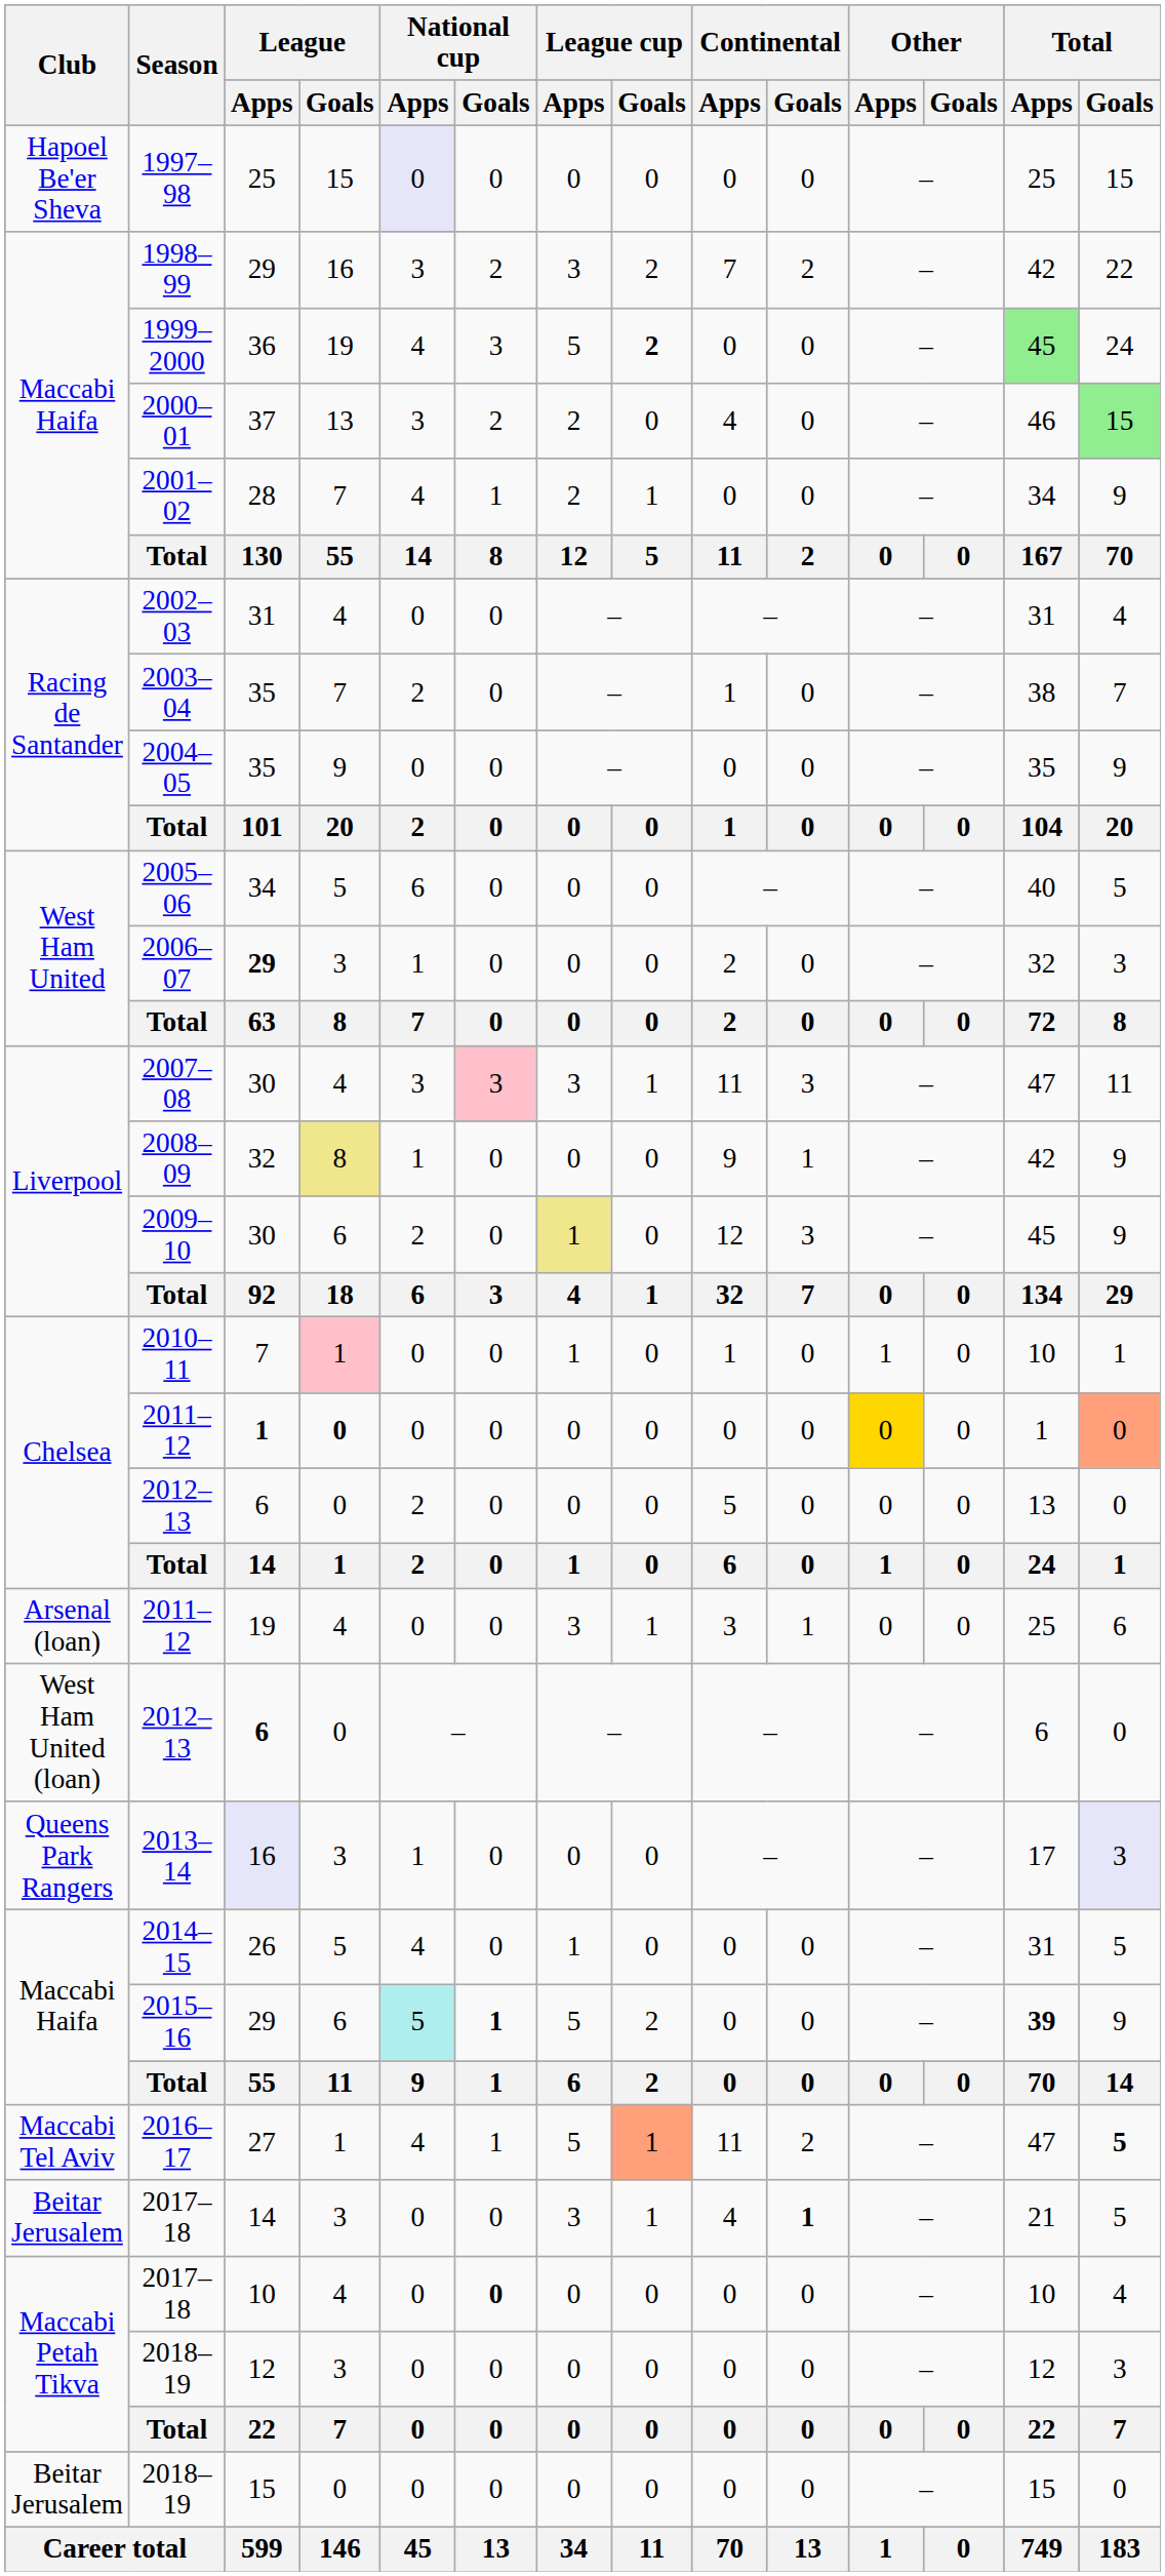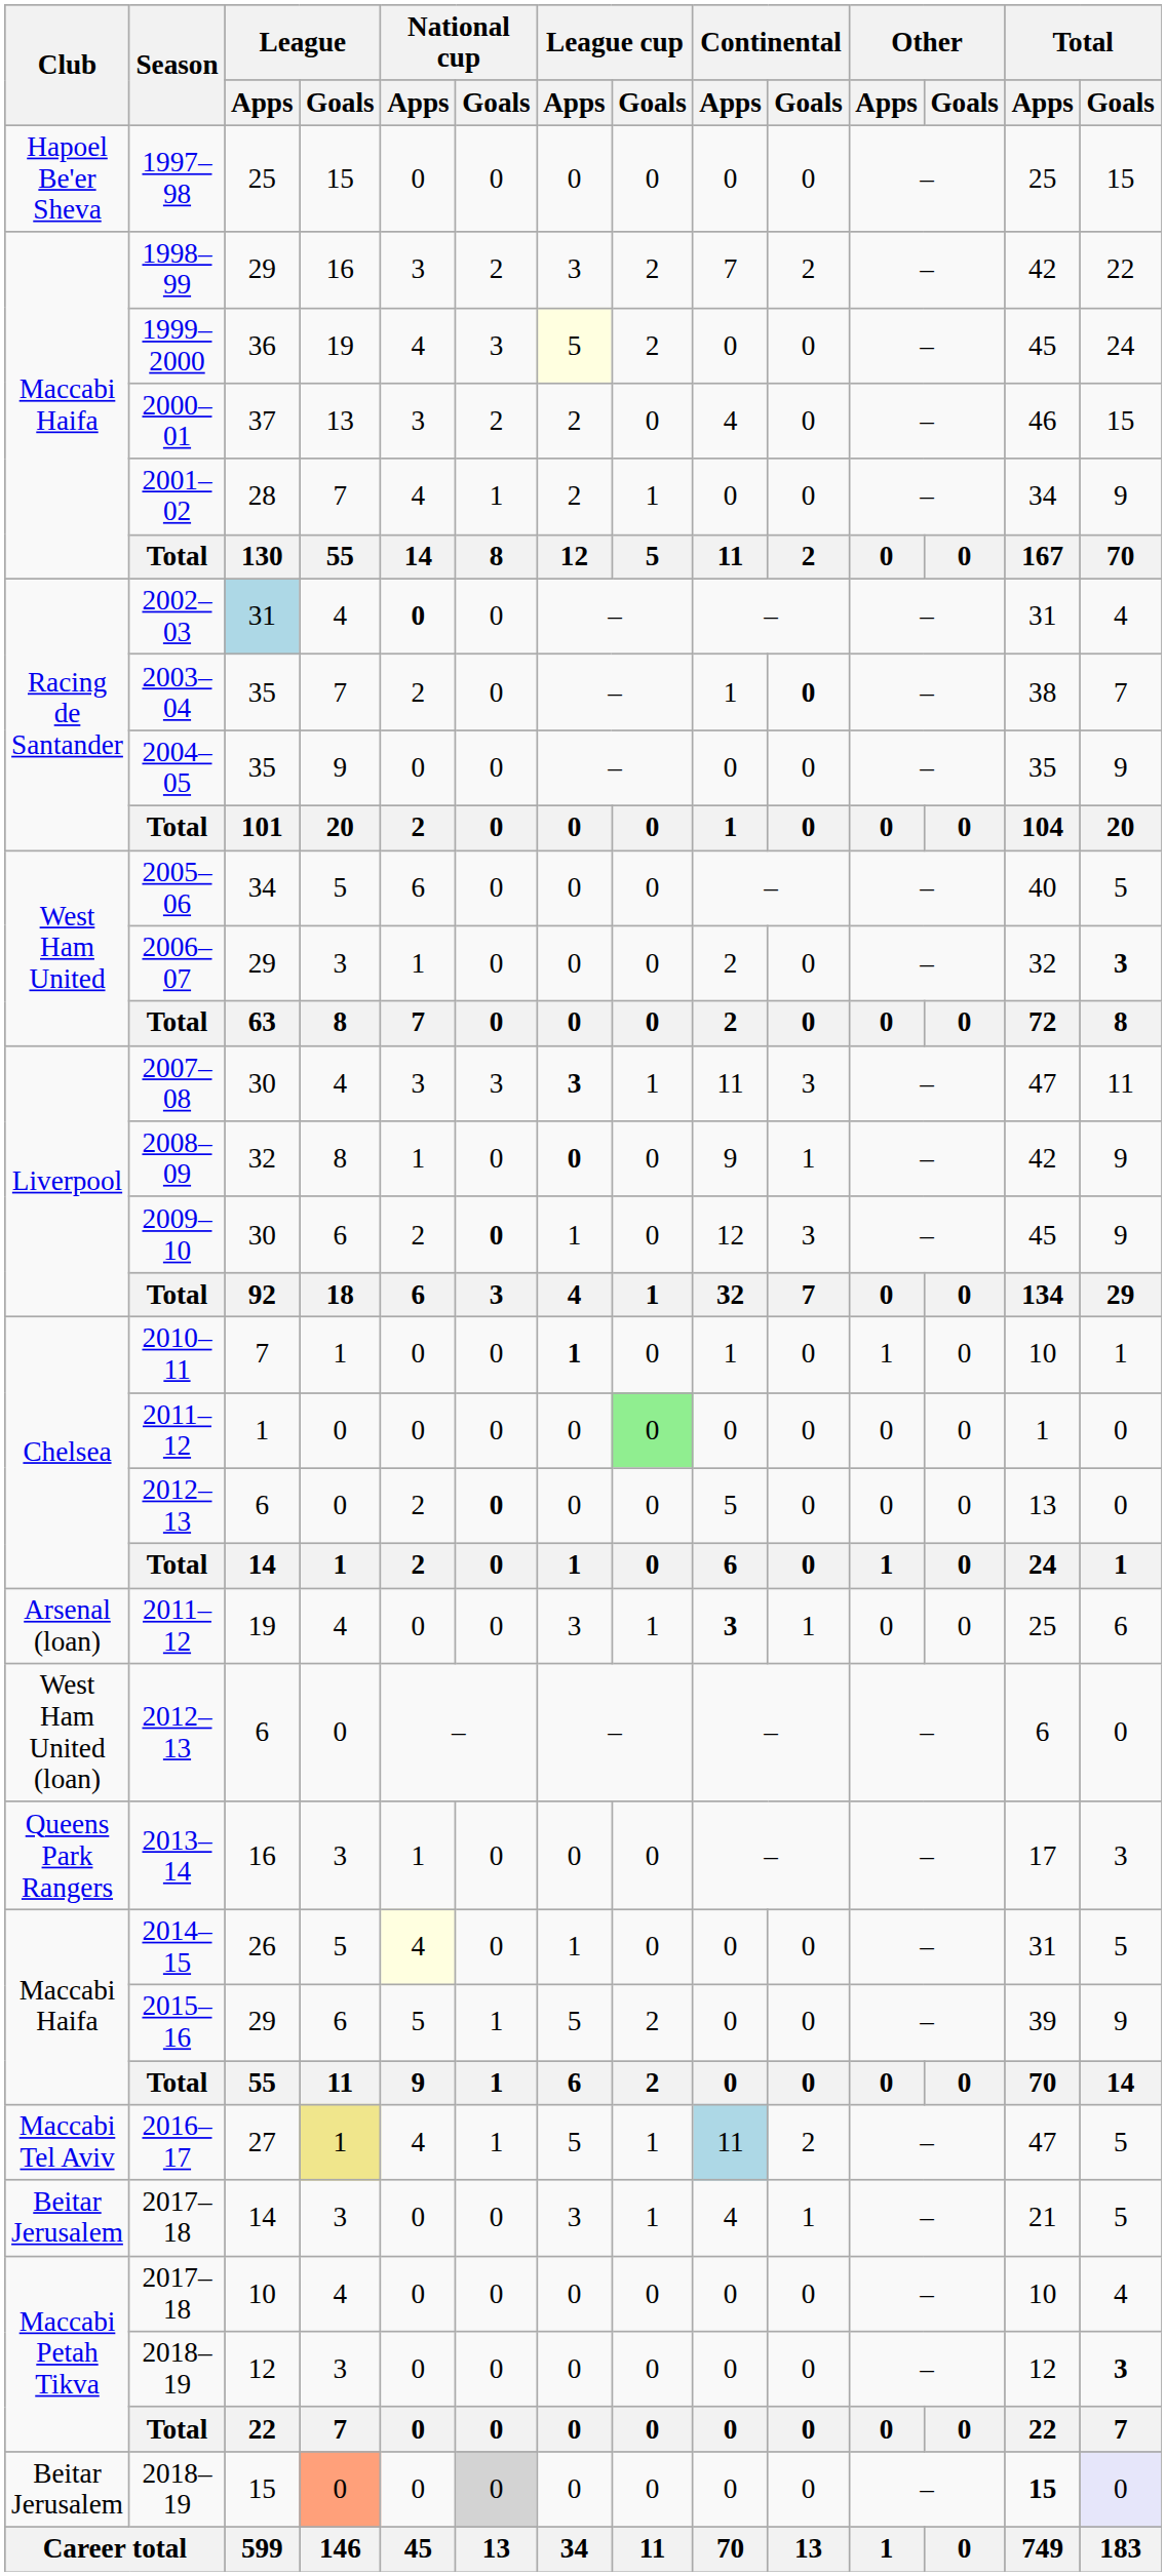 <table class="wikitable" style="text-align:center">
 <tr>
 <th rowspan="2">Club</th>
 <th rowspan="2">Season</th>
 <th colspan="2">League</th>
 <th colspan="2">National cup</th>
 <th colspan="2">League cup</th>
 <th colspan="2">Continental</th>
 <th colspan="2">Other</th>
 <th colspan="2">Total</th>
 </tr>
 <tr>
 <th>Apps</th>
 <th>Goals</th>
 <th>Apps</th>
 <th>Goals</th>
 <th>Apps</th>
 <th>Goals</th>
 <th>Apps</th>
 <th>Goals</th>
 <th>Apps</th>
 <th>Goals</th>
 <th>Apps</th>
 <th>Goals</th>
 </tr>
 <tr>
 <td><a href='#'>Hapoel Be'er Sheva</a></td>
 <td><a href='#'>1997–98</a></td>
 <td>25</td>
 <td>15</td>
-<td style="background: lavender;">0</td>
+<td>0</td>
 <td>0</td>
 <td>0</td>
 <td>0</td>
 <td>0</td>
 <td>0</td>
 <td colspan="2">–</td>
 <td>25</td>
 <td>15</td>
 </tr>
 <tr>
 <td rowspan="5"><a href='#'>Maccabi Haifa</a></td>
 <td><a href='#'>1998–99</a></td>
 <td>29</td>
 <td>16</td>
 <td>3</td>
 <td>2</td>
 <td>3</td>
 <td>2</td>
 <td>7</td>
 <td>2</td>
 <td colspan="2">–</td>
 <td>42</td>
 <td>22</td>
 </tr>
 <tr>
 <td><a href='#'>1999–2000</a></td>
 <td>36</td>
 <td>19</td>
 <td>4</td>
 <td>3</td>
-<td>5</td>
-<td><strong>2</strong></td>
+<td style="background: lightyellow;">5</td>
+<td>2</td>
 <td>0</td>
 <td>0</td>
 <td colspan="2">–</td>
-<td style="background: lightgreen;">45</td>
+<td>45</td>
 <td>24</td>
 </tr>
 <tr>
 <td><a href='#'>2000–01</a></td>
 <td>37</td>
 <td>13</td>
 <td>3</td>
 <td>2</td>
 <td>2</td>
 <td>0</td>
 <td>4</td>
 <td>0</td>
 <td colspan="2">–</td>
 <td>46</td>
-<td style="background: lightgreen;">15</td>
+<td>15</td>
 </tr>
 <tr>
 <td><a href='#'>2001–02</a></td>
 <td>28</td>
 <td>7</td>
 <td>4</td>
 <td>1</td>
 <td>2</td>
 <td>1</td>
 <td>0</td>
 <td>0</td>
 <td colspan="2">–</td>
 <td>34</td>
 <td>9</td>
 </tr>
 <tr>
 <th>Total</th>
 <th>130</th>
 <th>55</th>
 <th>14</th>
 <th>8</th>
 <th>12</th>
 <th>5</th>
 <th>11</th>
 <th>2</th>
 <th>0</th>
 <th>0</th>
 <th>167</th>
 <th>70</th>
 </tr>
 <tr>
 <td rowspan="4"><a href='#'>Racing de Santander</a></td>
 <td><a href='#'>2002–03</a></td>
-<td>31</td>
+<td style="background: lightblue;">31</td>
 <td>4</td>
-<td>0</td>
+<td><strong>0</strong></td>
 <td>0</td>
 <td colspan="2">–</td>
 <td colspan="2">–</td>
 <td colspan="2">–</td>
 <td>31</td>
 <td>4</td>
 </tr>
 <tr>
 <td><a href='#'>2003–04</a></td>
 <td>35</td>
 <td>7</td>
 <td>2</td>
 <td>0</td>
 <td colspan="2">–</td>
 <td>1</td>
-<td>0</td>
+<td><strong>0</strong></td>
 <td colspan="2">–</td>
 <td>38</td>
 <td>7</td>
 </tr>
 <tr>
 <td><a href='#'>2004–05</a></td>
 <td>35</td>
 <td>9</td>
 <td>0</td>
 <td>0</td>
 <td colspan="2">–</td>
 <td>0</td>
 <td>0</td>
 <td colspan="2">–</td>
 <td>35</td>
 <td>9</td>
 </tr>
 <tr>
 <th>Total</th>
 <th>101</th>
 <th>20</th>
 <th>2</th>
 <th>0</th>
 <th>0</th>
 <th>0</th>
 <th>1</th>
 <th>0</th>
 <th>0</th>
 <th>0</th>
 <th>104</th>
 <th>20</th>
 </tr>
 <tr>
 <td rowspan="3"><a href='#'>West Ham United</a></td>
 <td><a href='#'>2005–06</a></td>
 <td>34</td>
 <td>5</td>
 <td>6</td>
 <td>0</td>
 <td>0</td>
 <td>0</td>
 <td colspan="2">–</td>
 <td colspan="2">–</td>
 <td>40</td>
 <td>5</td>
 </tr>
 <tr>
 <td><a href='#'>2006–07</a></td>
-<td><strong>29</strong></td>
+<td>29</td>
 <td>3</td>
 <td>1</td>
 <td>0</td>
 <td>0</td>
 <td>0</td>
 <td>2</td>
 <td>0</td>
 <td colspan="2">–</td>
 <td>32</td>
-<td>3</td>
+<td><strong>3</strong></td>
 </tr>
 <tr>
 <th>Total</th>
 <th>63</th>
 <th>8</th>
 <th>7</th>
 <th>0</th>
 <th>0</th>
 <th>0</th>
 <th>2</th>
 <th>0</th>
 <th>0</th>
 <th>0</th>
 <th>72</th>
 <th>8</th>
 </tr>
 <tr>
 <td rowspan="4"><a href='#'>Liverpool</a></td>
 <td><a href='#'>2007–08</a></td>
 <td>30</td>
 <td>4</td>
 <td>3</td>
-<td style="background: pink;">3</td>
 <td>3</td>
+<td><strong>3</strong></td>
 <td>1</td>
 <td>11</td>
 <td>3</td>
 <td colspan="2">–</td>
 <td>47</td>
 <td>11</td>
 </tr>
 <tr>
 <td><a href='#'>2008–09</a></td>
 <td>32</td>
-<td style="background: khaki;">8</td>
+<td>8</td>
 <td>1</td>
 <td>0</td>
-<td>0</td>
+<td><strong>0</strong></td>
 <td>0</td>
 <td>9</td>
 <td>1</td>
 <td colspan="2">–</td>
 <td>42</td>
 <td>9</td>
 </tr>
 <tr>
 <td><a href='#'>2009–10</a></td>
 <td>30</td>
 <td>6</td>
 <td>2</td>
-<td>0</td>
-<td style="background: khaki;">1</td>
+<td><strong>0</strong></td>
+<td>1</td>
 <td>0</td>
 <td>12</td>
 <td>3</td>
 <td colspan="2">–</td>
 <td>45</td>
 <td>9</td>
 </tr>
 <tr>
 <th>Total</th>
 <th>92</th>
 <th>18</th>
 <th>6</th>
 <th>3</th>
 <th>4</th>
 <th>1</th>
 <th>32</th>
 <th>7</th>
 <th>0</th>
 <th>0</th>
 <th>134</th>
 <th>29</th>
 </tr>
 <tr>
 <td rowspan="4"><a href='#'>Chelsea</a></td>
 <td><a href='#'>2010–11</a></td>
 <td>7</td>
-<td style="background: pink;">1</td>
+<td>1</td>
 <td>0</td>
 <td>0</td>
-<td>1</td>
+<td><strong>1</strong></td>
 <td>0</td>
 <td>1</td>
 <td>0</td>
 <td>1</td>
 <td>0</td>
 <td>10</td>
 <td>1</td>
 </tr>
 <tr>
 <td><a href='#'>2011–12</a></td>
-<td><strong>1</strong></td>
-<td><strong>0</strong></td>
+<td>1</td>
 <td>0</td>
 <td>0</td>
 <td>0</td>
 <td>0</td>
+<td style="background: lightgreen;">0</td>
 <td>0</td>
 <td>0</td>
-<td style="background: gold;">0</td>
+<td>0</td>
 <td>0</td>
 <td>1</td>
-<td style="background: lightsalmon;">0</td>
+<td>0</td>
 </tr>
 <tr>
 <td><a href='#'>2012–13</a></td>
 <td>6</td>
 <td>0</td>
 <td>2</td>
-<td>0</td>
+<td><strong>0</strong></td>
 <td>0</td>
 <td>0</td>
 <td>5</td>
 <td>0</td>
 <td>0</td>
 <td>0</td>
 <td>13</td>
 <td>0</td>
 </tr>
 <tr>
 <th>Total</th>
 <th>14</th>
 <th>1</th>
 <th>2</th>
 <th>0</th>
 <th>1</th>
 <th>0</th>
 <th>6</th>
 <th>0</th>
 <th>1</th>
 <th>0</th>
 <th>24</th>
 <th>1</th>
 </tr>
 <tr>
 <td><a href='#'>Arsenal</a> (loan)</td>
 <td><a href='#'>2011–12</a></td>
 <td>19</td>
 <td>4</td>
 <td>0</td>
 <td>0</td>
 <td>3</td>
 <td>1</td>
-<td>3</td>
+<td><strong>3</strong></td>
 <td>1</td>
 <td>0</td>
 <td>0</td>
 <td>25</td>
 <td>6</td>
 </tr>
 <tr>
 <td>West Ham United (loan)</td>
 <td><a href='#'>2012–13</a></td>
-<td><strong>6</strong></td>
+<td>6</td>
 <td>0</td>
 <td colspan="2">–</td>
 <td colspan="2">–</td>
 <td colspan="2">–</td>
 <td colspan="2">–</td>
 <td>6</td>
 <td>0</td>
 </tr>
 <tr>
 <td><a href='#'>Queens Park Rangers</a></td>
 <td><a href='#'>2013–14</a></td>
-<td style="background: lavender;">16</td>
+<td>16</td>
 <td>3</td>
 <td>1</td>
 <td>0</td>
 <td>0</td>
 <td>0</td>
 <td colspan="2">–</td>
 <td colspan="2">–</td>
 <td>17</td>
-<td style="background: lavender;">3</td>
+<td>3</td>
 </tr>
 <tr>
 <td rowspan="3">Maccabi Haifa</td>
 <td><a href='#'>2014–15</a></td>
 <td>26</td>
 <td>5</td>
-<td>4</td>
+<td style="background: lightyellow;">4</td>
 <td>0</td>
 <td>1</td>
 <td>0</td>
 <td>0</td>
 <td>0</td>
 <td colspan="2">–</td>
 <td>31</td>
 <td>5</td>
 </tr>
 <tr>
 <td><a href='#'>2015–16</a></td>
 <td>29</td>
 <td>6</td>
-<td style="background: paleturquoise;">5</td>
-<td><strong>1</strong></td>
+<td>5</td>
+<td>1</td>
 <td>5</td>
 <td>2</td>
 <td>0</td>
 <td>0</td>
 <td colspan="2">–</td>
-<td><strong>39</strong></td>
+<td>39</td>
 <td>9</td>
 </tr>
 <tr>
 <th>Total</th>
 <th>55</th>
 <th>11</th>
 <th>9</th>
 <th>1</th>
 <th>6</th>
 <th>2</th>
 <th>0</th>
 <th>0</th>
 <th>0</th>
 <th>0</th>
 <th>70</th>
 <th>14</th>
 </tr>
 <tr>
 <td><a href='#'>Maccabi Tel Aviv</a></td>
 <td><a href='#'>2016–17</a></td>
 <td>27</td>
-<td>1</td>
+<td style="background: khaki;">1</td>
 <td>4</td>
 <td>1</td>
 <td>5</td>
-<td style="background: lightsalmon;">1</td>
-<td>11</td>
+<td>1</td>
+<td style="background: lightblue;">11</td>
 <td>2</td>
 <td colspan="2">–</td>
 <td>47</td>
-<td><strong>5</strong></td>
+<td>5</td>
 </tr>
 <tr>
 <td><a href='#'>Beitar Jerusalem</a></td>
 <td>2017–18</td>
 <td>14</td>
 <td>3</td>
 <td>0</td>
 <td>0</td>
 <td>3</td>
 <td>1</td>
 <td>4</td>
-<td><strong>1</strong></td>
+<td>1</td>
 <td colspan="2">–</td>
 <td>21</td>
 <td>5</td>
 </tr>
 <tr>
 <td rowspan="3"><a href='#'>Maccabi Petah Tikva</a></td>
 <td>2017–18</td>
 <td>10</td>
 <td>4</td>
 <td>0</td>
-<td><strong>0</strong></td>
+<td>0</td>
 <td>0</td>
 <td>0</td>
 <td>0</td>
 <td>0</td>
 <td colspan="2">–</td>
 <td>10</td>
 <td>4</td>
 </tr>
 <tr>
 <td>2018–19</td>
 <td>12</td>
 <td>3</td>
 <td>0</td>
 <td>0</td>
 <td>0</td>
 <td>0</td>
 <td>0</td>
 <td>0</td>
 <td colspan="2">–</td>
 <td>12</td>
-<td>3</td>
+<td><strong>3</strong></td>
 </tr>
 <tr>
 <th>Total</th>
 <th>22</th>
 <th>7</th>
 <th>0</th>
 <th>0</th>
 <th>0</th>
 <th>0</th>
 <th>0</th>
 <th>0</th>
 <th>0</th>
 <th>0</th>
 <th>22</th>
 <th>7</th>
 </tr>
 <tr>
 <td>Beitar Jerusalem</td>
 <td>2018–19</td>
 <td>15</td>
+<td style="background: lightsalmon;">0</td>
 <td>0</td>
-<td>0</td>
-<td>0</td>
+<td style="background: lightgrey;">0</td>
 <td>0</td>
 <td>0</td>
 <td>0</td>
 <td>0</td>
 <td colspan="2">–</td>
-<td>15</td>
-<td>0</td>
+<td><strong>15</strong></td>
+<td style="background: lavender;">0</td>
 </tr>
 <tr>
 <th colspan="2">Career total</th>
 <th>599</th>
 <th>146</th>
 <th>45</th>
 <th>13</th>
 <th>34</th>
 <th>11</th>
 <th>70</th>
 <th>13</th>
 <th>1</th>
 <th>0</th>
 <th>749</th>
 <th>183</th>
 </tr>
 </table>
